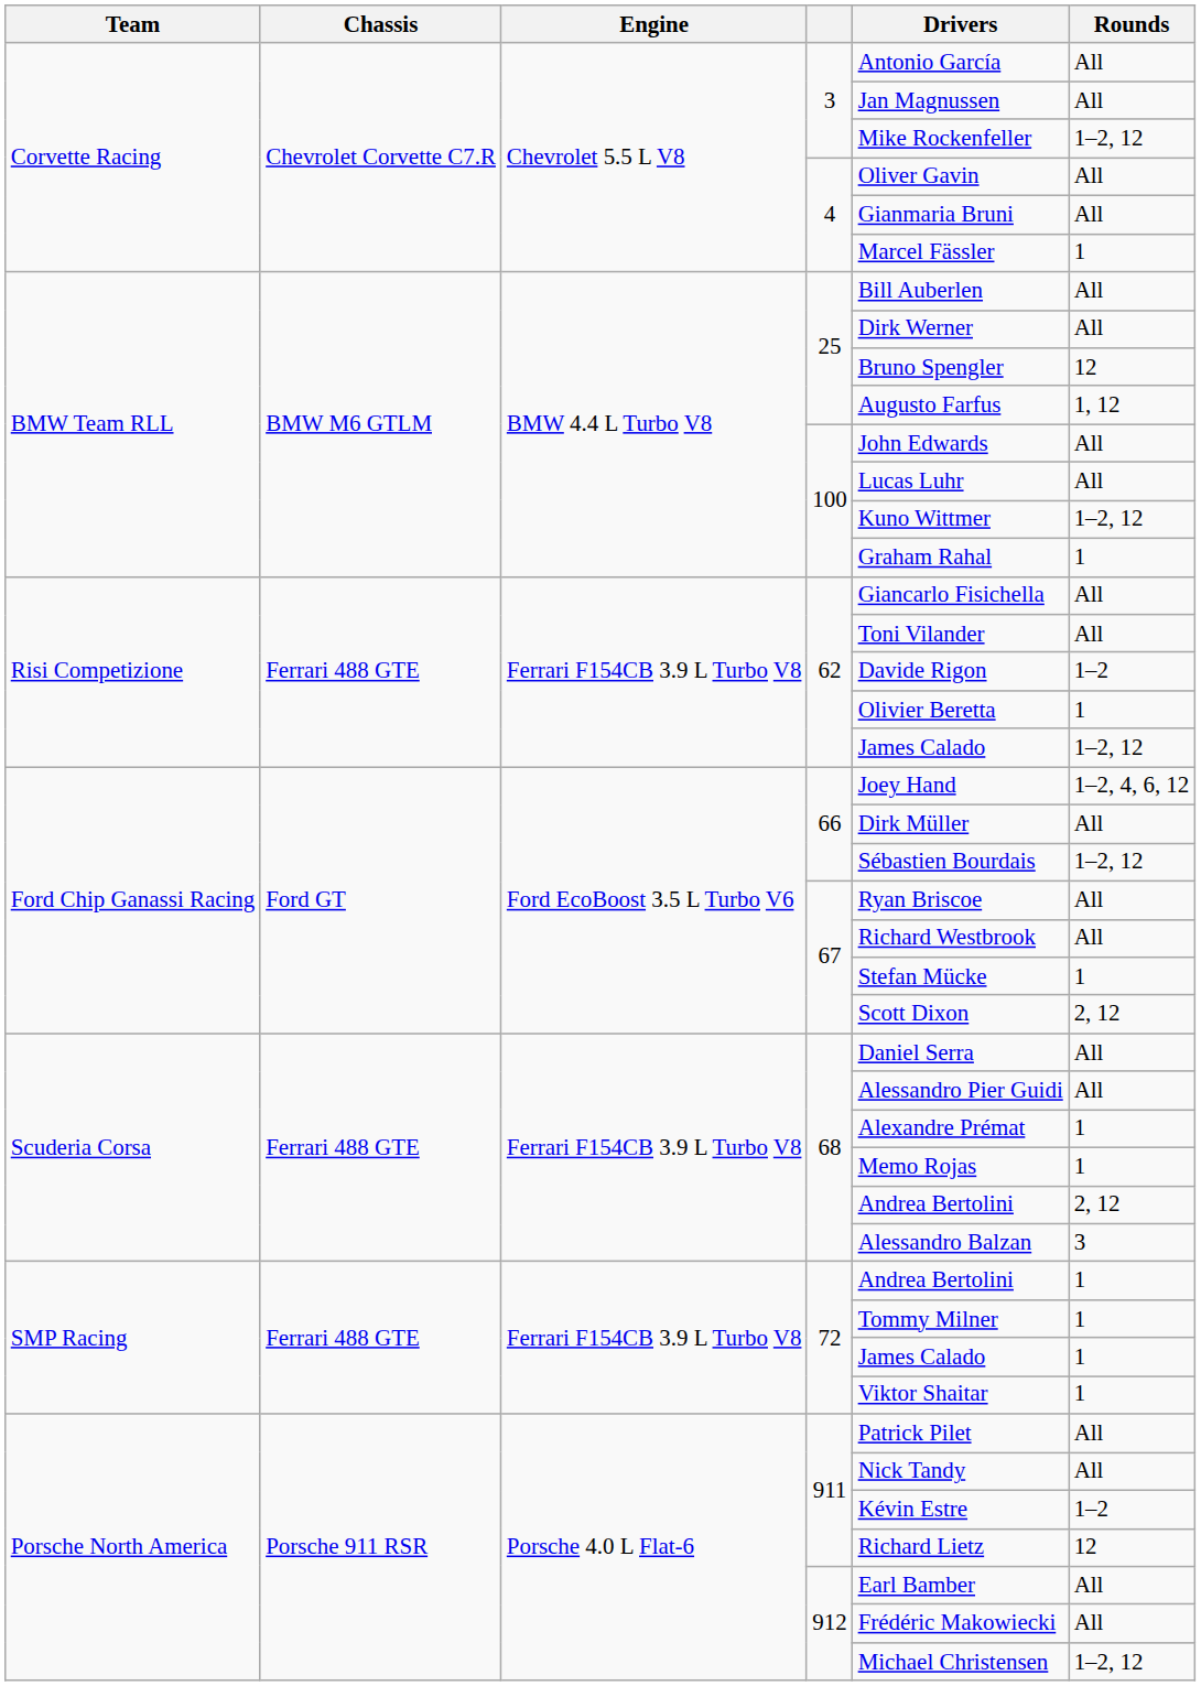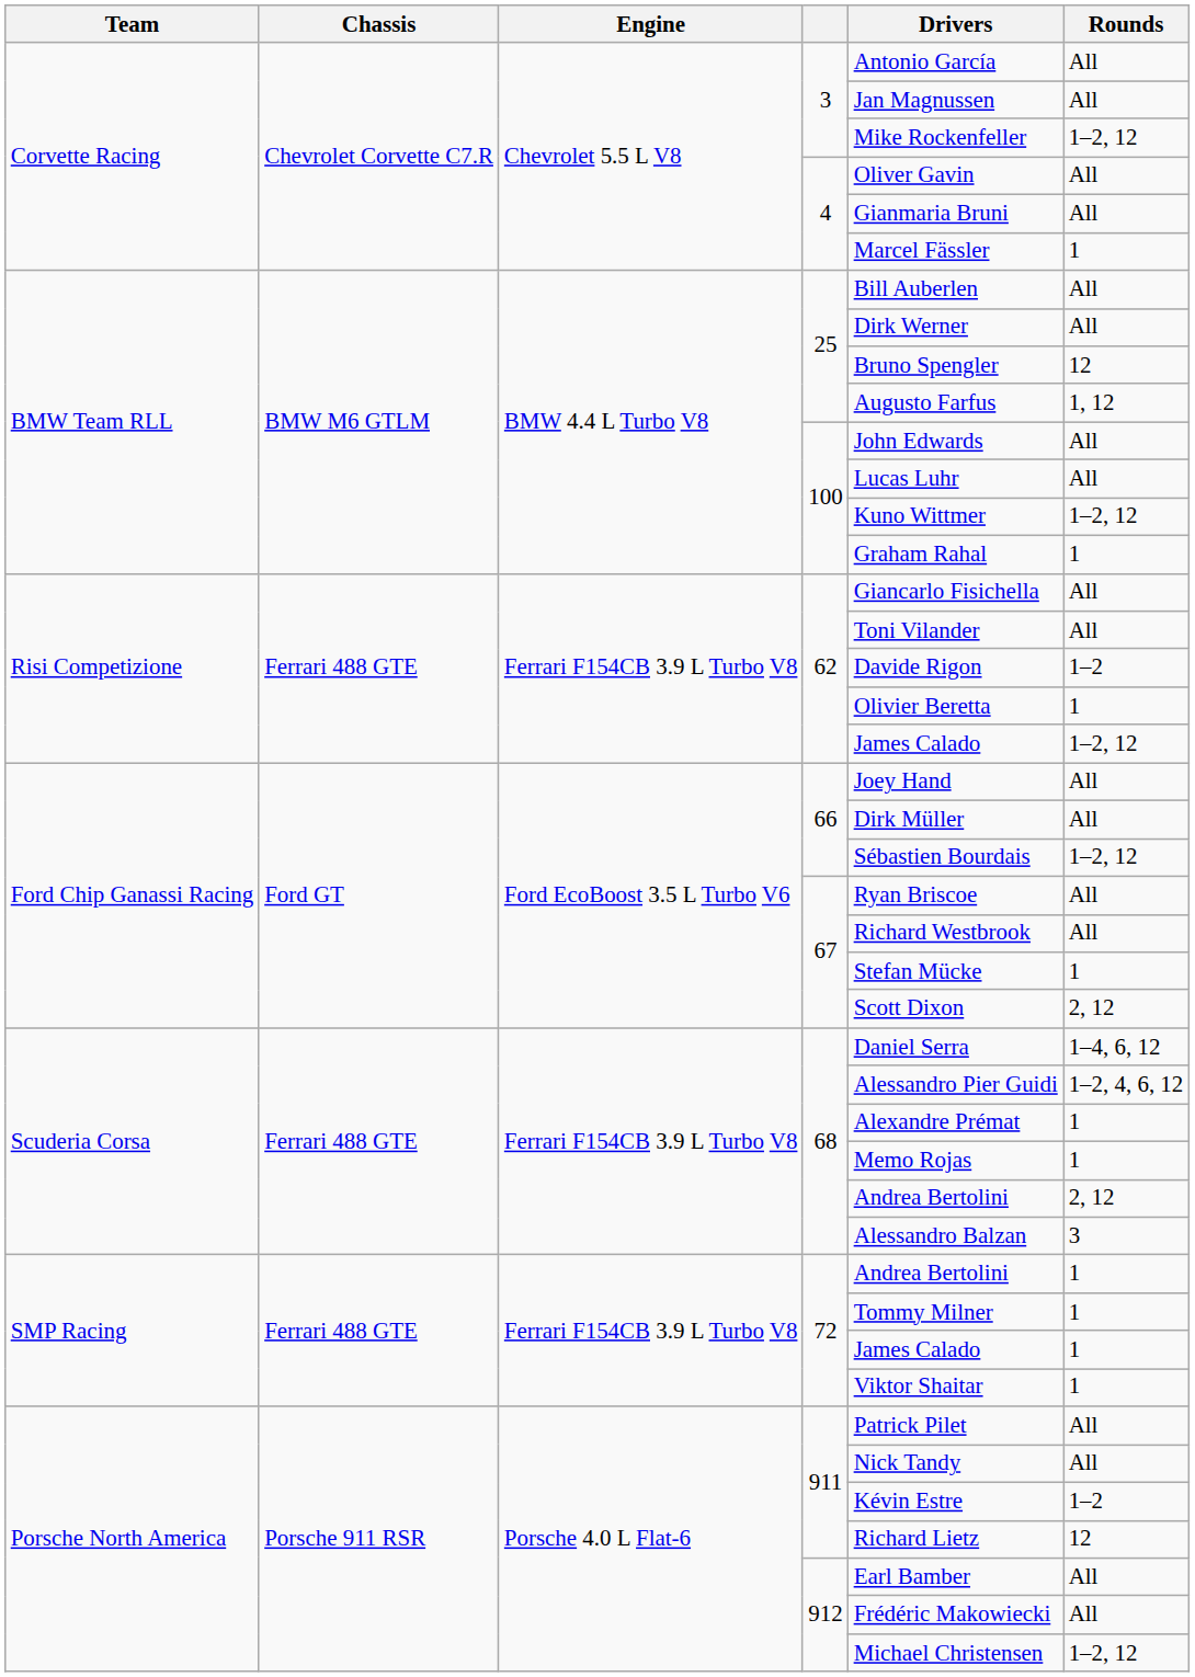 <table class="wikitable" style="font-size: 85%">
 <tr>
 <th>Team</th>
 <th>Chassis</th>
 <th>Engine</th>
 <th></th>
 <th>Drivers</th>
 <th>Rounds</th>
 </tr>
 <tr>
 <td rowspan=6> <a href='#'>Corvette Racing</a></td>
 <td rowspan=6><a href='#'>Chevrolet Corvette C7.R</a></td>
 <td rowspan=6><a href='#'>Chevrolet</a> 5.5 L <a href='#'>V8</a></td>
 <td rowspan=3 align=middle>3</td>
 <td> <a href='#'>Antonio García</a></td>
 <td>All</td>
 </tr>
 <tr>
 <td> <a href='#'>Jan Magnussen</a></td>
 <td>All</td>
 </tr>
 <tr>
 <td> <a href='#'>Mike Rockenfeller</a></td>
 <td>1–2, 12</td>
 </tr>
 <tr>
 <td rowspan=3 align=middle>4</td>
 <td> <a href='#'>Oliver Gavin</a></td>
 <td>All</td>
 </tr>
 <tr>
 <td> <a href='#'>Gianmaria Bruni</a></td>
 <td>All</td>
 </tr>
 <tr>
 <td> <a href='#'>Marcel Fässler</a></td>
 <td>1</td>
 </tr>
 <tr>
 <td rowspan=8> <a href='#'>BMW Team RLL</a></td>
 <td rowspan=8><a href='#'>BMW M6 GTLM</a></td>
 <td rowspan=8><a href='#'>BMW</a> 4.4 L <a href='#'>Turbo</a> <a href='#'>V8</a></td>
 <td rowspan=4 align=middle>25</td>
 <td> <a href='#'>Bill Auberlen</a></td>
 <td>All</td>
 </tr>
 <tr>
 <td> <a href='#'>Dirk Werner</a></td>
 <td>All</td>
 </tr>
 <tr>
 <td> <a href='#'>Bruno Spengler</a></td>
 <td>12</td>
 </tr>
 <tr>
 <td> <a href='#'>Augusto Farfus</a></td>
 <td>1, 12</td>
 </tr>
 <tr>
 <td rowspan=4 align=middle>100</td>
 <td> <a href='#'>John Edwards</a></td>
 <td>All</td>
 </tr>
 <tr>
 <td> <a href='#'>Lucas Luhr</a></td>
 <td>All</td>
 </tr>
 <tr>
 <td> <a href='#'>Kuno Wittmer</a></td>
 <td>1–2, 12</td>
 </tr>
 <tr>
 <td> <a href='#'>Graham Rahal</a></td>
 <td>1</td>
 </tr>
 <tr>
 <td rowspan=5> <a href='#'>Risi Competizione</a></td>
 <td rowspan=5><a href='#'>Ferrari 488 GTE</a></td>
 <td rowspan=5><a href='#'>Ferrari F154CB</a> 3.9 L <a href='#'>Turbo</a> <a href='#'>V8</a></td>
 <td rowspan=5 align=middle>62</td>
 <td> <a href='#'>Giancarlo Fisichella</a></td>
 <td>All</td>
 </tr>
 <tr>
 <td> <a href='#'>Toni Vilander</a></td>
 <td>All</td>
 </tr>
 <tr>
 <td> <a href='#'>Davide Rigon</a></td>
 <td>1–2</td>
 </tr>
 <tr>
 <td> <a href='#'>Olivier Beretta</a></td>
 <td>1</td>
 </tr>
 <tr>
 <td> <a href='#'>James Calado</a></td>
 <td>1–2, 12</td>
 </tr>
 <tr>
 <td rowspan=7> <a href='#'>Ford Chip Ganassi Racing</a></td>
 <td rowspan=7><a href='#'>Ford GT</a></td>
 <td rowspan=7><a href='#'>Ford EcoBoost</a> 3.5 L <a href='#'>Turbo</a> <a href='#'>V6</a></td>
 <td rowspan=3 align=middle>66</td>
 <td> <a href='#'>Joey Hand</a></td>
-<td>1–2, 4, 6, 12</td>
+<td>All</td>
 </tr>
 <tr>
 <td> <a href='#'>Dirk Müller</a></td>
 <td>All</td>
 </tr>
 <tr>
 <td> <a href='#'>Sébastien Bourdais</a></td>
 <td>1–2, 12</td>
 </tr>
 <tr>
 <td rowspan=4 align=middle>67</td>
 <td> <a href='#'>Ryan Briscoe</a></td>
 <td>All</td>
 </tr>
 <tr>
 <td> <a href='#'>Richard Westbrook</a></td>
 <td>All</td>
 </tr>
 <tr>
 <td> <a href='#'>Stefan Mücke</a></td>
 <td>1</td>
 </tr>
 <tr>
 <td> <a href='#'>Scott Dixon</a></td>
 <td>2, 12</td>
 </tr>
 <tr>
 <td rowspan=6> <a href='#'>Scuderia Corsa</a></td>
 <td rowspan=6><a href='#'>Ferrari 488 GTE</a></td>
 <td rowspan=6><a href='#'>Ferrari F154CB</a> 3.9 L <a href='#'>Turbo</a> <a href='#'>V8</a></td>
 <td rowspan=6 align=middle>68</td>
 <td> <a href='#'>Daniel Serra</a></td>
-<td>All</td>
+<td>1–4, 6, 12</td>
 </tr>
 <tr>
 <td> <a href='#'>Alessandro Pier Guidi</a></td>
-<td>All</td>
+<td>1–2, 4, 6, 12</td>
 </tr>
 <tr>
 <td> <a href='#'>Alexandre Prémat</a></td>
 <td>1</td>
 </tr>
 <tr>
 <td> <a href='#'>Memo Rojas</a></td>
 <td>1</td>
 </tr>
 <tr>
 <td> <a href='#'>Andrea Bertolini</a></td>
 <td>2, 12</td>
 </tr>
 <tr>
 <td> <a href='#'>Alessandro Balzan</a></td>
 <td>3</td>
 </tr>
 <tr>
 <td rowspan=4> <a href='#'>SMP Racing</a></td>
 <td rowspan=4><a href='#'>Ferrari 488 GTE</a></td>
 <td rowspan=4><a href='#'>Ferrari F154CB</a> 3.9 L <a href='#'>Turbo</a> <a href='#'>V8</a></td>
 <td rowspan=4 align=middle>72</td>
 <td> <a href='#'>Andrea Bertolini</a></td>
 <td>1</td>
 </tr>
 <tr>
 <td> <a href='#'>Tommy Milner</a></td>
 <td>1</td>
 </tr>
 <tr>
 <td> <a href='#'>James Calado</a></td>
 <td>1</td>
 </tr>
 <tr>
 <td> <a href='#'>Viktor Shaitar</a></td>
 <td>1</td>
 </tr>
 <tr>
 <td rowspan=7> <a href='#'>Porsche North America</a></td>
 <td rowspan=7><a href='#'>Porsche 911 RSR</a></td>
 <td rowspan=7><a href='#'>Porsche</a> 4.0 L <a href='#'>Flat-6</a></td>
 <td rowspan=4 align=middle>911</td>
 <td> <a href='#'>Patrick Pilet</a></td>
 <td>All</td>
 </tr>
 <tr>
 <td> <a href='#'>Nick Tandy</a></td>
 <td>All</td>
 </tr>
 <tr>
 <td> <a href='#'>Kévin Estre</a></td>
 <td>1–2</td>
 </tr>
 <tr>
 <td> <a href='#'>Richard Lietz</a></td>
 <td>12</td>
 </tr>
 <tr>
 <td rowspan=3 align=middle>912</td>
 <td> <a href='#'>Earl Bamber</a></td>
 <td>All</td>
 </tr>
 <tr>
 <td> <a href='#'>Frédéric Makowiecki</a></td>
 <td>All</td>
 </tr>
 <tr>
 <td> <a href='#'>Michael Christensen</a></td>
 <td>1–2, 12</td>
 </tr>
 </table>
